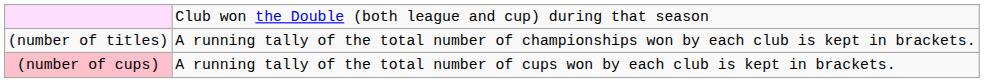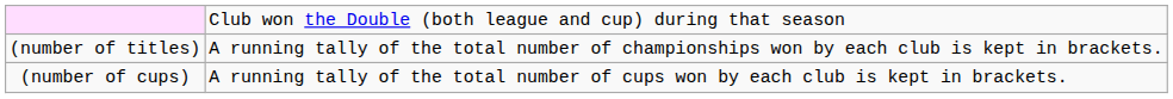 <table class="wikitable">
 <tr>
 <td bgcolor="#FFDDFF" align="center"><sup></sup></td>
 <td>Club won <a href='#'>the Double</a> (both league and cup) during that season</td>
 </tr>
 <tr>
 <td align="center">(number of titles)</td>
 <td>A running tally of the total number of championships won by each club is kept in brackets.</td>
 </tr>
 <tr>
-<td align="center" style="background: pink;">(number of cups)</td>
+<td align="center">(number of cups)</td>
 <td>A running tally of the total number of cups won by each club is kept in brackets.</td>
 </tr>
 </table>
